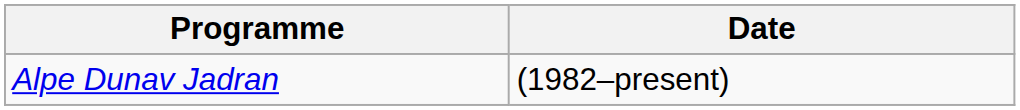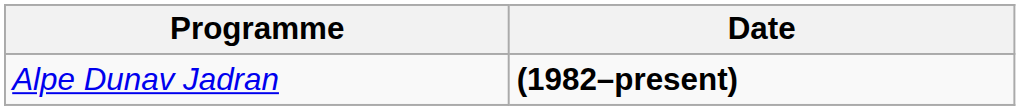 <table class="wikitable">
 <tr>
 <th width=250>Programme</th>
 <th width=250>Date</th>
 </tr>
 <tr>
 <td><em><a href='#'>Alpe Dunav Jadran</a></em></td>
-<td>(1982–present)</td>
+<td><strong>(1982–present)</strong></td>
 </tr>
 </table>
